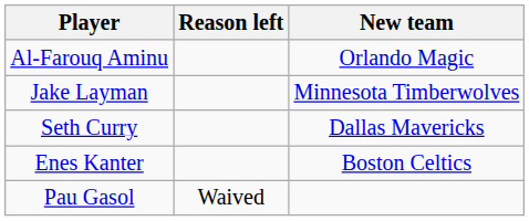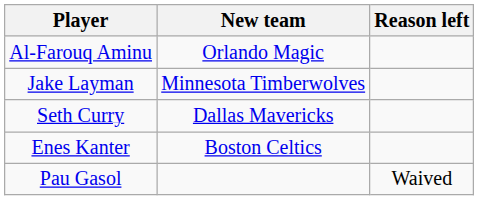 <table class="wikitable sortable sortable" style="text-align: center">
 <tr>
 <th>Player</th>
+<th>New team</th>
 <th>Reason left</th>
-<th>New team</th>
 </tr>
 <tr style="text-align: center">
 <td><a href='#'>Al-Farouq Aminu</a></td>
+<td><a href='#'>Orlando Magic</a></td>
 <td></td>
-<td><a href='#'>Orlando Magic</a></td>
 </tr>
 <tr style="text-align: center">
 <td><a href='#'>Jake Layman</a></td>
+<td><a href='#'>Minnesota Timberwolves</a></td>
 <td></td>
-<td><a href='#'>Minnesota Timberwolves</a></td>
 </tr>
 <tr style="text-align: center">
 <td><a href='#'>Seth Curry</a></td>
+<td><a href='#'>Dallas Mavericks</a></td>
 <td></td>
-<td><a href='#'>Dallas Mavericks</a></td>
 </tr>
 <tr style="text-align: center">
 <td><a href='#'>Enes Kanter</a></td>
+<td><a href='#'>Boston Celtics</a></td>
 <td></td>
-<td><a href='#'>Boston Celtics</a></td>
 </tr>
 <tr style="text-align: center">
 <td><a href='#'>Pau Gasol</a></td>
+<td></td>
 <td>Waived</td>
-<td></td>
 </tr>
 </table>
